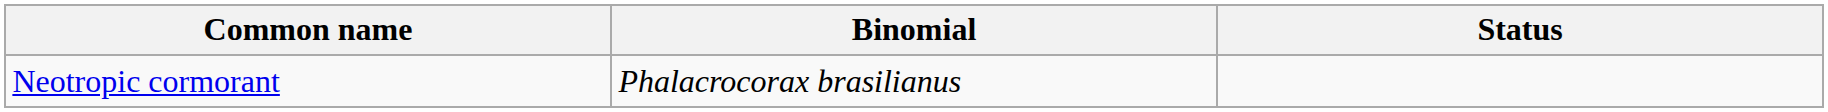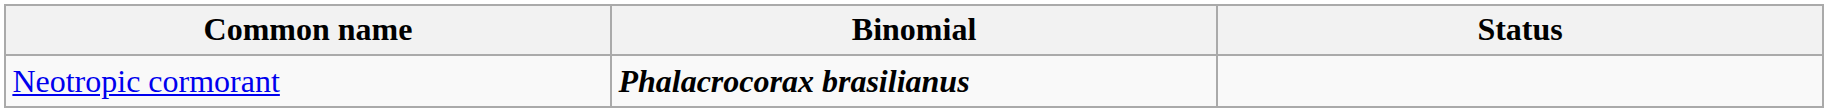 <table width=72% class="wikitable">
 <tr>
 <th width=24%>Common name</th>
 <th width=24%>Binomial</th>
 <th width=24%>Status</th>
 </tr>
 <tr>
 <td><a href='#'>Neotropic cormorant</a></td>
-<td><em>Phalacrocorax brasilianus</em></td>
+<td><strong><em>Phalacrocorax brasilianus</em></strong></td>
 <td></td>
 </tr>
 <tr>
 </tr>
 </table>
